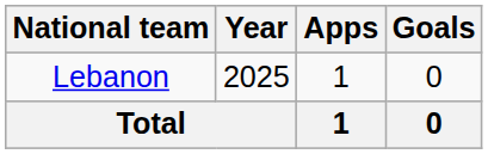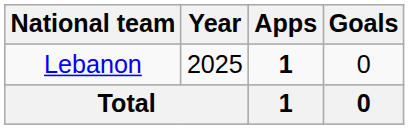 <table class="wikitable" style="text-align:center">
 <tr>
 <th>National team</th>
 <th>Year</th>
 <th>Apps</th>
 <th>Goals</th>
 </tr>
 <tr>
 <td rowspan="1"><a href='#'>Lebanon</a></td>
 <td>2025</td>
-<td>1</td>
+<td><strong>1</strong></td>
 <td>0</td>
 </tr>
 <tr>
 <th colspan="2">Total</th>
 <th>1</th>
 <th>0</th>
 </tr>
 </table>
